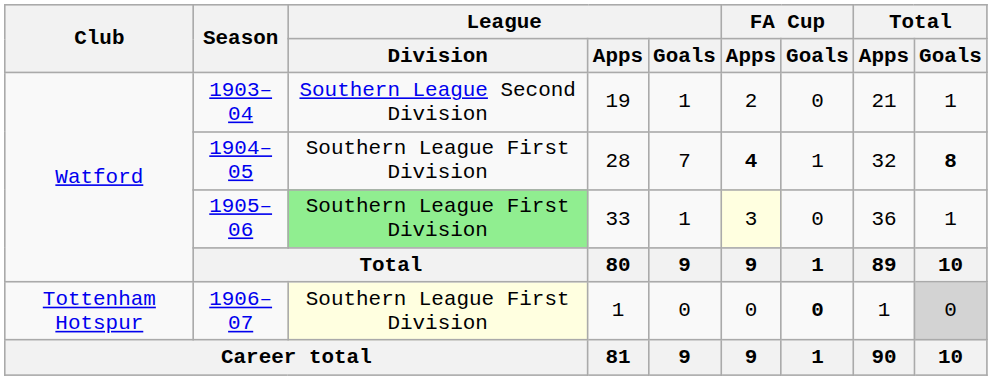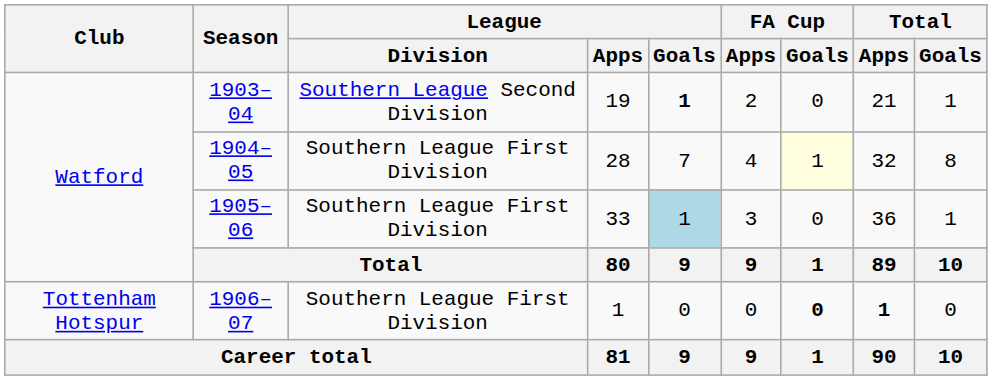 <table class="wikitable" style="text-align: center;">
 <tr>
 <th rowspan="2">Club</th>
 <th rowspan="2">Season</th>
 <th colspan="3">League</th>
 <th colspan="2">FA Cup</th>
 <th colspan="2">Total</th>
 </tr>
 <tr>
 <th>Division</th>
 <th>Apps</th>
 <th>Goals</th>
 <th>Apps</th>
 <th>Goals</th>
 <th>Apps</th>
 <th>Goals</th>
 </tr>
 <tr>
 <td rowspan="4"><a href='#'>Watford</a></td>
 <td><a href='#'>1903–04</a></td>
 <td><a href='#'>Southern League</a> Second Division</td>
 <td>19</td>
-<td>1</td>
+<td><strong>1</strong></td>
 <td>2</td>
 <td>0</td>
 <td>21</td>
 <td>1</td>
 </tr>
 <tr>
 <td><a href='#'>1904–05</a></td>
 <td>Southern League First Division</td>
 <td>28</td>
 <td>7</td>
-<td><strong>4</strong></td>
-<td>1</td>
+<td>4</td>
+<td style="background: lightyellow;">1</td>
 <td>32</td>
-<td><strong>8</strong></td>
+<td>8</td>
 </tr>
 <tr>
 <td><a href='#'>1905–06</a></td>
-<td style="background: lightgreen;">Southern League First Division</td>
+<td>Southern League First Division</td>
 <td>33</td>
-<td>1</td>
-<td style="background: lightyellow;">3</td>
+<td style="background: lightblue;">1</td>
+<td>3</td>
 <td>0</td>
 <td>36</td>
 <td>1</td>
 </tr>
 <tr>
 <th colspan="2">Total</th>
 <th>80</th>
 <th>9</th>
 <th>9</th>
 <th>1</th>
 <th>89</th>
 <th>10</th>
 </tr>
 <tr>
 <td><a href='#'>Tottenham Hotspur</a></td>
 <td><a href='#'>1906–07</a></td>
-<td style="background: lightyellow;">Southern League First Division</td>
+<td>Southern League First Division</td>
 <td>1</td>
 <td>0</td>
 <td>0</td>
 <td><strong>0</strong></td>
-<td>1</td>
-<td style="background: lightgrey;">0</td>
+<td><strong>1</strong></td>
+<td>0</td>
 </tr>
 <tr>
 <th colspan="3">Career total</th>
 <th>81</th>
 <th>9</th>
 <th>9</th>
 <th>1</th>
 <th>90</th>
 <th>10</th>
 </tr>
 </table>
